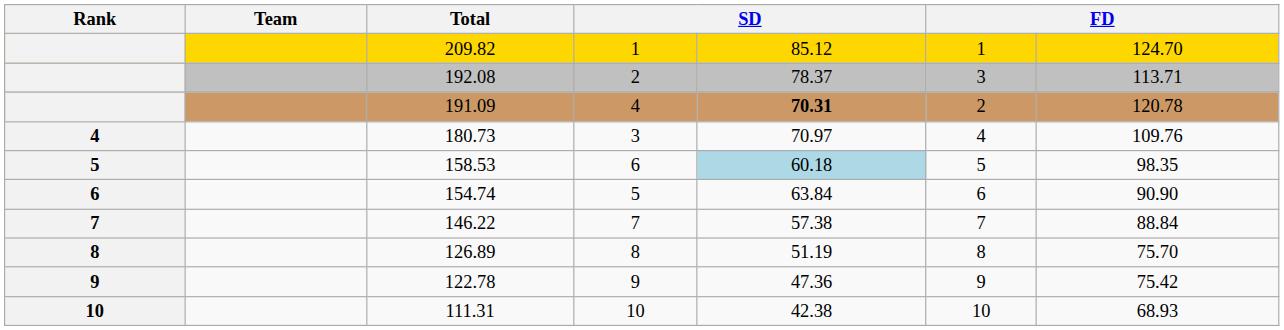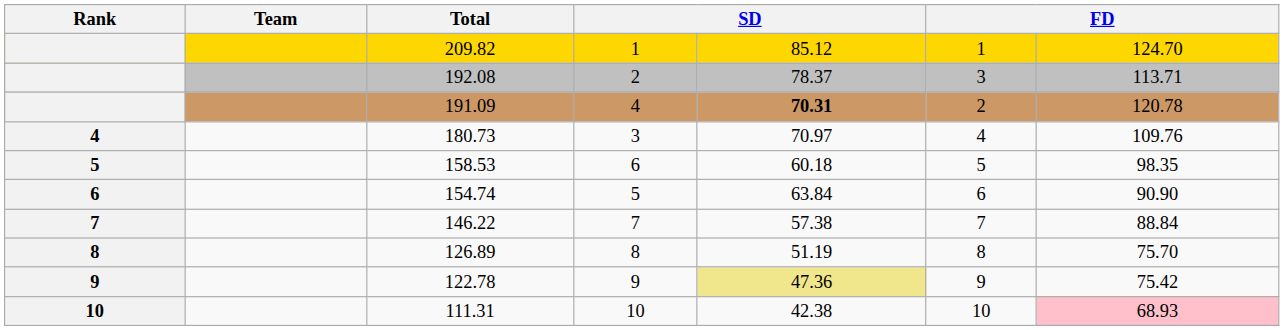 <table class="wikitable sortable" style="text-align:center; width:70%">
 <tr>
 <th scope="col">Rank</th>
 <th scope="col">Team</th>
 <th scope="col">Total</th>
 <th scope="col" colspan="2" width="80px"><a href='#'>SD</a></th>
 <th scope="col" colspan="2" width="80px"><a href='#'>FD</a></th>
 </tr>
 <tr bgcolor="gold">
 <th scope="row"></th>
 <td align="left"></td>
 <td align="center">209.82</td>
 <td align="center">1</td>
 <td align="center">85.12</td>
 <td align="center">1</td>
 <td align="center">124.70</td>
 </tr>
 <tr bgcolor="silver">
 <th scope="row"></th>
 <td align="left"></td>
 <td align="center">192.08</td>
 <td align="center">2</td>
 <td align="center">78.37</td>
 <td align="center">3</td>
 <td align="center">113.71</td>
 </tr>
 <tr bgcolor="cc9966">
 <th scope="row"></th>
 <td align="left"></td>
 <td align="center">191.09</td>
 <td align="center">4</td>
 <td align="center"><strong>70.31</strong></td>
 <td align="center">2</td>
 <td align="center">120.78</td>
 </tr>
 <tr>
 <th scope="row">4</th>
 <td align="left"></td>
 <td align="center">180.73</td>
 <td align="center">3</td>
 <td align="center">70.97</td>
 <td align="center">4</td>
 <td align="center">109.76</td>
 </tr>
 <tr>
 <th scope="row">5</th>
 <td align="left"></td>
 <td align="center">158.53</td>
 <td align="center">6</td>
-<td align="center" style="background: lightblue;">60.18</td>
+<td align="center">60.18</td>
 <td align="center">5</td>
 <td align="center">98.35</td>
 </tr>
 <tr>
 <th scope="row">6</th>
 <td align="left"></td>
 <td align="center">154.74</td>
 <td align="center">5</td>
 <td align="center">63.84</td>
 <td align="center">6</td>
 <td align="center">90.90</td>
 </tr>
 <tr>
 <th scope="row">7</th>
 <td align="left"></td>
 <td align="center">146.22</td>
 <td align="center">7</td>
 <td align="center">57.38</td>
 <td align="center">7</td>
 <td align="center">88.84</td>
 </tr>
 <tr>
 <th scope="row">8</th>
 <td align="left"></td>
 <td align="center">126.89</td>
 <td align="center">8</td>
 <td align="center">51.19</td>
 <td align="center">8</td>
 <td align="center">75.70</td>
 </tr>
 <tr>
 <th scope="row">9</th>
 <td align="left"></td>
 <td align="center">122.78</td>
 <td align="center">9</td>
-<td align="center">47.36</td>
+<td align="center" style="background: khaki;">47.36</td>
 <td align="center">9</td>
 <td align="center">75.42</td>
 </tr>
 <tr>
 <th scope="row">10</th>
 <td align="left"></td>
 <td align="center">111.31</td>
 <td align="center">10</td>
 <td align="center">42.38</td>
 <td align="center">10</td>
-<td align="center">68.93</td>
+<td align="center" style="background: pink;">68.93</td>
 </tr>
 </table>
